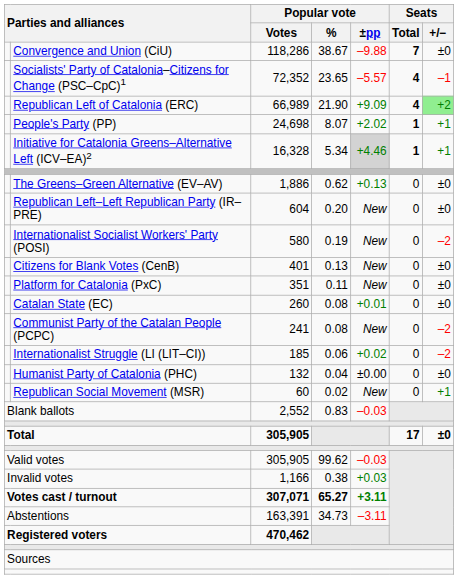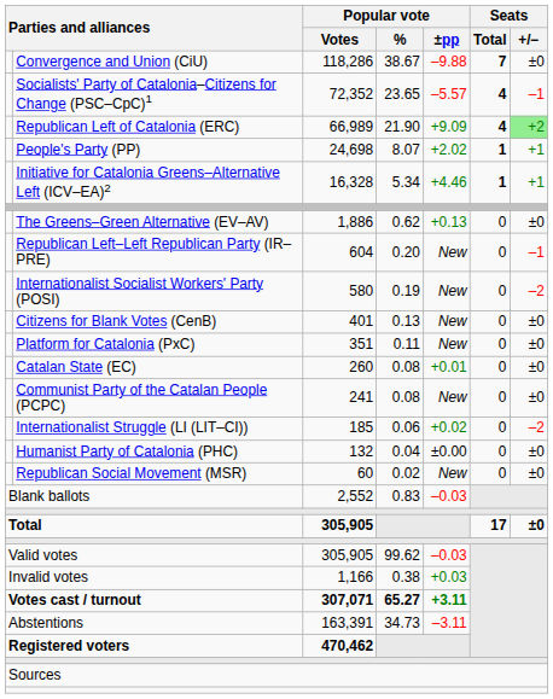 <table class="wikitable" style="text-align:right;">
 <tr>
 <th style="text-align:left;" rowspan="2" colspan="2" width="525">Parties and alliances</th>
 <th colspan="3">Popular vote</th>
 <th colspan="2">Seats</th>
 </tr>
 <tr>
 <th width="75">Votes</th>
 <th width="45">%</th>
 <th width="45">±<a href='#'>pp</a></th>
 <th width="35">Total</th>
 <th width="35">+/−</th>
 </tr>
 <tr>
 <td width="1" style="color:inherit;background:"></td>
 <td align="left"><a href='#'>Convergence and Union</a> (CiU)</td>
 <td>118,286</td>
 <td>38.67</td>
 <td style="color:red;">–9.88</td>
 <td><strong>7</strong></td>
 <td>±0</td>
 </tr>
 <tr>
 <td style="color:inherit;background:"></td>
 <td align="left"><a href='#'>Socialists' Party of Catalonia</a>–<a href='#'>Citizens for Change</a> (PSC–CpC)<sup>1</sup></td>
 <td>72,352</td>
 <td>23.65</td>
 <td style="color:red;">–5.57</td>
 <td><strong>4</strong></td>
 <td style="color:red;">–1</td>
 </tr>
 <tr>
 <td style="color:inherit;background:"></td>
 <td align="left"><a href='#'>Republican Left of Catalonia</a> (ERC)</td>
 <td>66,989</td>
 <td>21.90</td>
 <td style="color:green;">+9.09</td>
 <td><strong>4</strong></td>
 <td style="background: lightgreen; color:green;">+2</td>
 </tr>
 <tr>
 <td style="color:inherit;background:"></td>
 <td align="left"><a href='#'>People's Party</a> (PP)</td>
 <td>24,698</td>
 <td>8.07</td>
 <td style="color:green;">+2.02</td>
 <td><strong>1</strong></td>
 <td style="color:green;">+1</td>
 </tr>
 <tr>
 <td style="color:inherit;background:"></td>
 <td align="left"><a href='#'>Initiative for Catalonia Greens–Alternative Left</a> (ICV–EA)<sup>2</sup></td>
 <td>16,328</td>
 <td>5.34</td>
-<td style="background: lightgrey; color:green;">+4.46</td>
+<td style="color:green;">+4.46</td>
 <td><strong>1</strong></td>
 <td style="color:green;">+1</td>
 </tr>
 <tr>
 <td colspan="7" bgcolor="#C0C0C0"></td>
 </tr>
 <tr>
 <td style="color:inherit;background:"></td>
 <td align="left"><a href='#'>The Greens–Green Alternative</a> (EV–AV)</td>
 <td>1,886</td>
 <td>0.62</td>
 <td style="color:green;">+0.13</td>
 <td>0</td>
 <td>±0</td>
 </tr>
 <tr>
 <td style="color:inherit;background:"></td>
 <td align="left"><a href='#'>Republican Left–Left Republican Party</a> (IR–PRE)</td>
 <td>604</td>
 <td>0.20</td>
 <td><em>New</em></td>
 <td>0</td>
-<td>±0</td>
+<td style="color:red;">–1</td>
 </tr>
 <tr>
 <td style="color:inherit;background:"></td>
 <td align="left"><a href='#'>Internationalist Socialist Workers' Party</a> (POSI)</td>
 <td>580</td>
 <td>0.19</td>
 <td><em>New</em></td>
 <td>0</td>
 <td style="color:red;">–2</td>
 </tr>
 <tr>
 <td style="color:inherit;background:"></td>
 <td align="left"><a href='#'>Citizens for Blank Votes</a> (CenB)</td>
 <td>401</td>
 <td>0.13</td>
 <td><em>New</em></td>
 <td>0</td>
 <td>±0</td>
 </tr>
 <tr>
 <td style="color:inherit;background:"></td>
 <td align="left"><a href='#'>Platform for Catalonia</a> (PxC)</td>
 <td>351</td>
 <td>0.11</td>
 <td><em>New</em></td>
 <td>0</td>
 <td>±0</td>
 </tr>
 <tr>
 <td style="color:inherit;background:"></td>
 <td align="left"><a href='#'>Catalan State</a> (EC)</td>
 <td>260</td>
 <td>0.08</td>
 <td style="color:green;">+0.01</td>
 <td>0</td>
 <td>±0</td>
 </tr>
 <tr>
 <td style="color:inherit;background:"></td>
 <td align="left"><a href='#'>Communist Party of the Catalan People</a> (PCPC)</td>
 <td>241</td>
 <td>0.08</td>
 <td><em>New</em></td>
 <td>0</td>
-<td style="color:red;">–2</td>
+<td>±0</td>
 </tr>
 <tr>
 <td style="color:inherit;background:"></td>
 <td align="left"><a href='#'>Internationalist Struggle</a> (LI (LIT–CI))</td>
 <td>185</td>
 <td>0.06</td>
 <td style="color:green;">+0.02</td>
 <td>0</td>
 <td style="color:red;">–2</td>
 </tr>
 <tr>
 <td style="color:inherit;background:"></td>
 <td align="left"><a href='#'>Humanist Party of Catalonia</a> (PHC)</td>
 <td>132</td>
 <td>0.04</td>
 <td>±0.00</td>
 <td>0</td>
 <td>±0</td>
 </tr>
 <tr>
 <td style="color:inherit;background:"></td>
 <td align="left"><a href='#'>Republican Social Movement</a> (MSR)</td>
 <td>60</td>
 <td>0.02</td>
 <td><em>New</em></td>
 <td>0</td>
-<td style="color:green;">+1</td>
+<td>±0</td>
 </tr>
 <tr>
 <td align="left" colspan="2">Blank ballots</td>
 <td>2,552</td>
 <td>0.83</td>
 <td style="color:red;">–0.03</td>
 <td bgcolor="#E9E9E9" colspan="2"></td>
 </tr>
 <tr>
 <td colspan="7" bgcolor="#E9E9E9"></td>
 </tr>
 <tr style="font-weight:bold;">
 <td align="left" colspan="2">Total</td>
 <td>305,905</td>
 <td bgcolor="#E9E9E9" colspan="2"></td>
 <td>17</td>
 <td>±0</td>
 </tr>
 <tr>
 <td colspan="7" bgcolor="#E9E9E9"></td>
 </tr>
 <tr>
 <td align="left" colspan="2">Valid votes</td>
 <td>305,905</td>
 <td>99.62</td>
 <td style="color:red;">–0.03</td>
 <td bgcolor="#E9E9E9" colspan="2" rowspan="5"></td>
 </tr>
 <tr>
 <td align="left" colspan="2">Invalid votes</td>
 <td>1,166</td>
 <td>0.38</td>
 <td style="color:green;">+0.03</td>
 </tr>
 <tr style="font-weight:bold;">
 <td align="left" colspan="2">Votes cast / turnout</td>
 <td>307,071</td>
 <td>65.27</td>
 <td style="color:green;">+3.11</td>
 </tr>
 <tr>
 <td align="left" colspan="2">Abstentions</td>
 <td>163,391</td>
 <td>34.73</td>
 <td style="color:red;">–3.11</td>
 </tr>
 <tr style="font-weight:bold;">
 <td align="left" colspan="2">Registered voters</td>
 <td>470,462</td>
 <td bgcolor="#E9E9E9" colspan="2"></td>
 </tr>
 <tr>
 <td colspan="7" bgcolor="#E9E9E9"></td>
 </tr>
 <tr>
 <td align="left" colspan="7">Sources</td>
 </tr>
 <tr>
 <td colspan="7" style="text-align:left; max-width:790px;"></td>
 </tr>
 </table>
